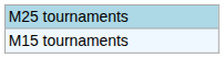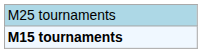 <table class="wikitable" style="font-size:85%; width:15%;">
 <tr style="background:lightblue;">
 <td>M25 tournaments</td>
 </tr>
 <tr style="background:#f0f8ff;">
-<td>M15 tournaments</td>
+<td><strong>M15 tournaments</strong></td>
 </tr>
 </table>
